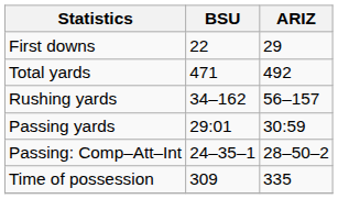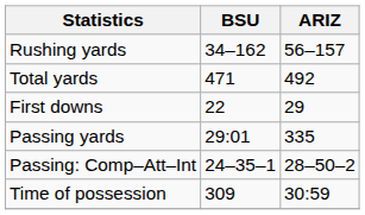 <table class="wikitable" style="float: left;">
 <tr>
 <th>Statistics</th>
 <th>BSU</th>
 <th>ARIZ</th>
 </tr>
 <tr>
-<td>First downs</td>
-<td>22</td>
-<td>29</td>
+<td>Rushing yards</td>
+<td>34–162</td>
+<td>56–157</td>
 </tr>
 <tr>
 <td>Total yards</td>
 <td>471</td>
 <td>492</td>
 </tr>
 <tr>
-<td>Rushing yards</td>
-<td>34–162</td>
-<td>56–157</td>
+<td>First downs</td>
+<td>22</td>
+<td>29</td>
 </tr>
 <tr>
 <td>Passing yards</td>
 <td>29:01</td>
-<td>30:59</td>
+<td>335</td>
 </tr>
 <tr>
 <td>Passing: Comp–Att–Int</td>
 <td>24–35–1</td>
 <td>28–50–2</td>
 </tr>
 <tr>
 <td>Time of possession</td>
 <td>309</td>
-<td>335</td>
+<td>30:59</td>
 </tr>
 <tr>
 </tr>
 </table>
